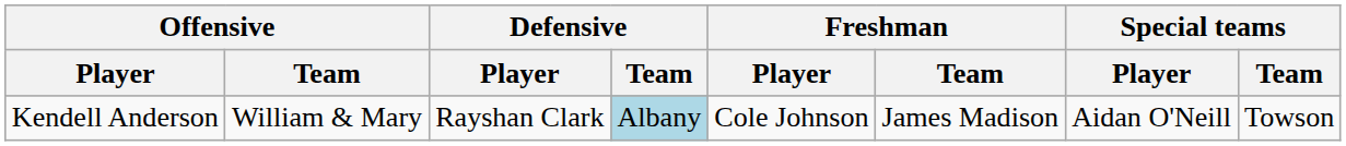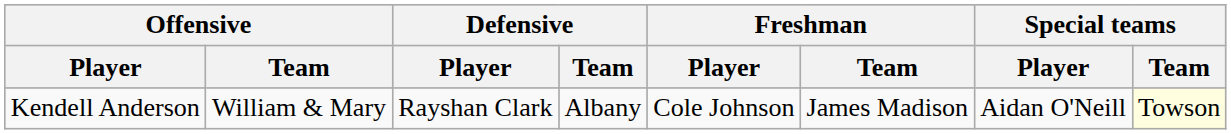 <table class="wikitable" border="1">
 <tr>
 <th colspan="2">Offensive</th>
 <th colspan="2">Defensive</th>
 <th colspan="2">Freshman</th>
 <th colspan="2">Special teams</th>
 </tr>
 <tr>
 <th>Player</th>
 <th>Team</th>
 <th>Player</th>
 <th>Team</th>
 <th>Player</th>
 <th>Team</th>
 <th>Player</th>
 <th>Team</th>
 </tr>
 <tr>
 <td>Kendell Anderson</td>
 <td>William & Mary</td>
 <td>Rayshan Clark</td>
-<td style="background: lightblue;">Albany</td>
+<td>Albany</td>
 <td>Cole Johnson</td>
 <td>James Madison</td>
 <td>Aidan O'Neill</td>
-<td>Towson</td>
+<td style="background: lightyellow;">Towson</td>
 </tr>
 </table>
